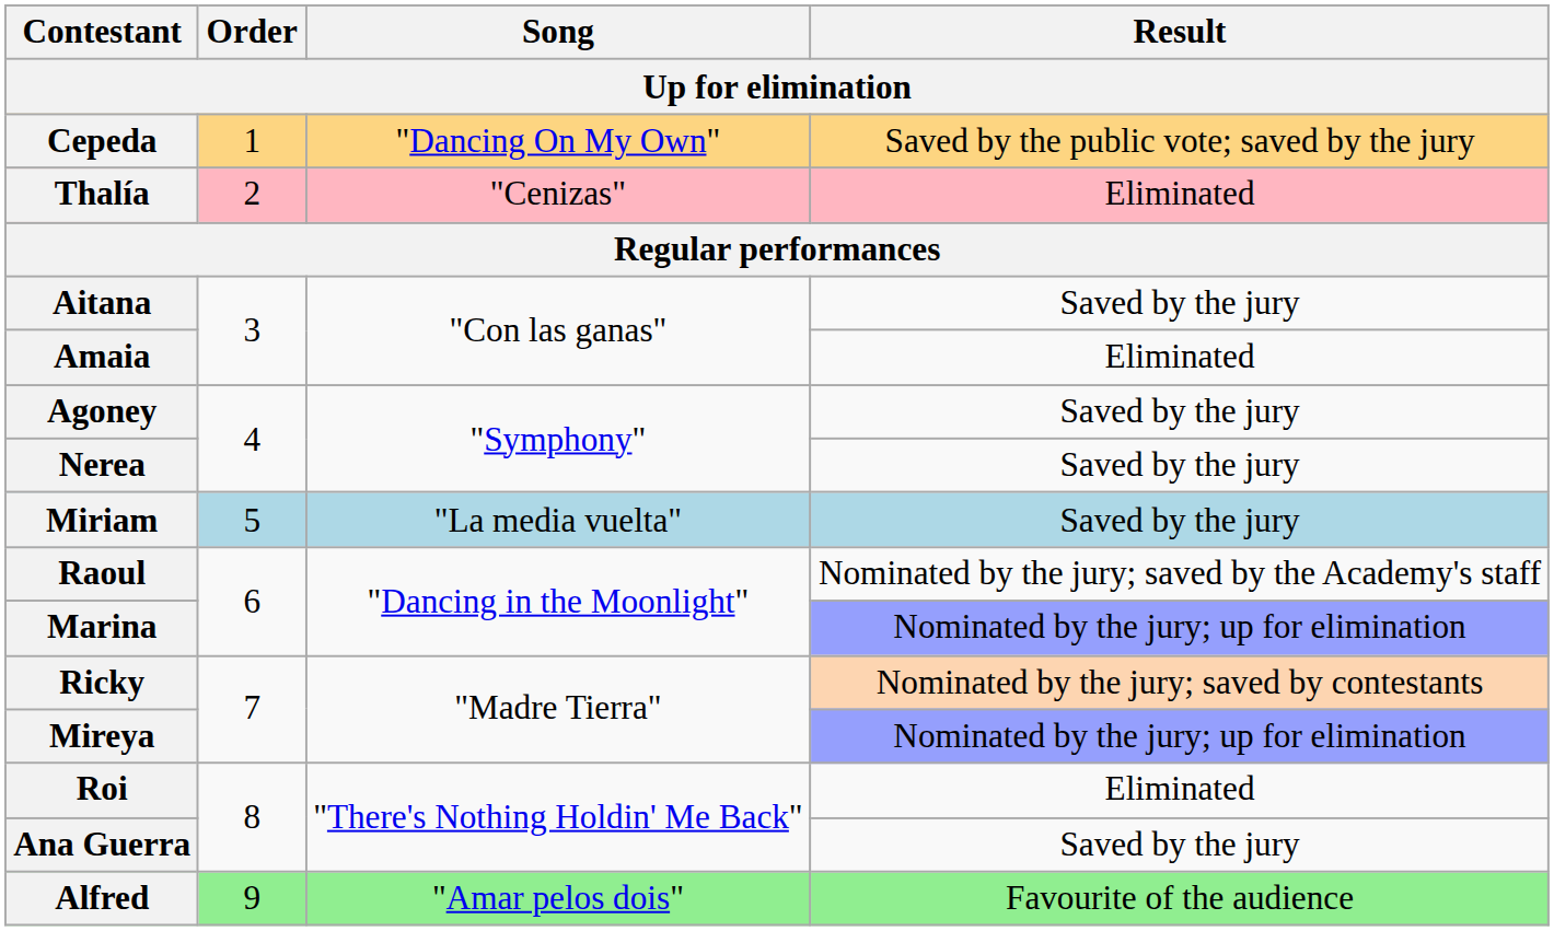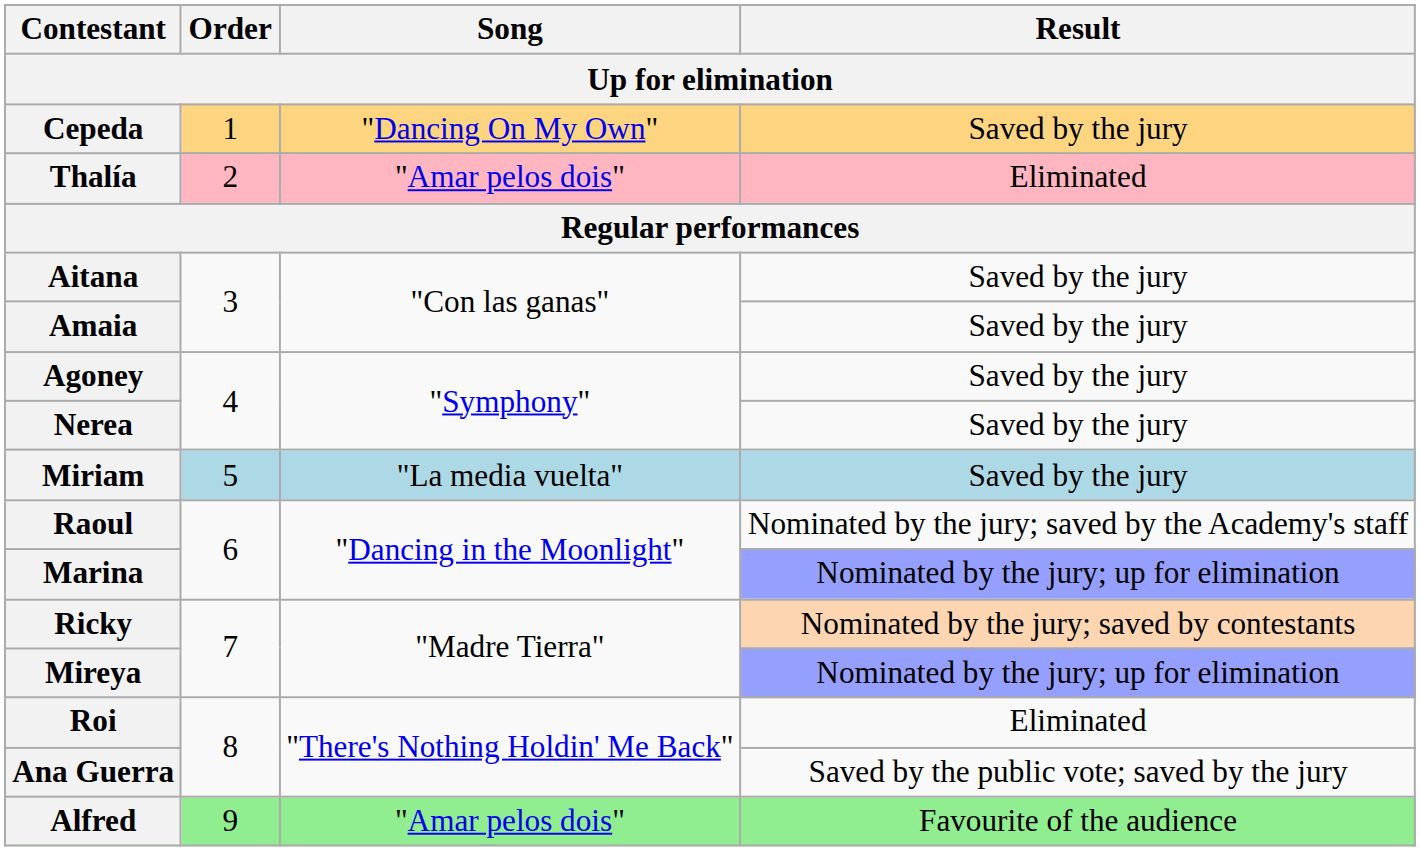 <table class="wikitable plainrowheaders" style="text-align:center;">
 <tr>
 <th scope="col">Contestant</th>
 <th scope="col">Order</th>
 <th scope="col">Song</th>
 <th scope="col">Result</th>
 </tr>
 <tr>
 <th colspan="4">Up for elimination</th>
 </tr>
 <tr style="background:#fdd581;">
 <th scope="row">Cepeda</th>
 <td>1</td>
 <td>"<a href='#'>Dancing On My Own</a>"</td>
-<td>Saved by the public vote; saved by the jury</td>
+<td>Saved by the jury</td>
 </tr>
 <tr style="background:lightpink">
 <th scope="row">Thalía</th>
 <td>2</td>
-<td>"Cenizas"</td>
+<td>"<a href='#'>Amar pelos dois</a>"</td>
 <td>Eliminated</td>
 </tr>
 <tr>
 <th colspan="4">Regular performances</th>
 </tr>
 <tr>
 <th scope="row">Aitana</th>
 <td rowspan="2">3</td>
 <td rowspan="2">"Con las ganas"</td>
 <td>Saved by the jury</td>
 </tr>
 <tr>
 <th scope="row">Amaia</th>
-<td>Eliminated</td>
+<td>Saved by the jury</td>
 </tr>
 <tr>
 <th scope="row">Agoney</th>
 <td rowspan="2">4</td>
 <td rowspan="2">"<a href='#'>Symphony</a>"</td>
 <td>Saved by the jury</td>
 </tr>
 <tr>
 <th scope="row">Nerea</th>
 <td>Saved by the jury</td>
 </tr>
 <tr style="background:lightblue;">
 <th scope="row">Miriam</th>
 <td>5</td>
 <td>"La media vuelta"</td>
 <td>Saved by the jury</td>
 </tr>
 <tr>
 <th scope="row">Raoul</th>
 <td rowspan="2">6</td>
 <td rowspan="2">"<a href='#'>Dancing in the Moonlight</a>"</td>
 <td>Nominated by the jury; saved by the Academy's staff</td>
 </tr>
 <tr>
 <th scope="row">Marina</th>
 <td style="background:#959ffd;">Nominated by the jury; up for elimination</td>
 </tr>
 <tr>
 <th scope="row">Ricky</th>
 <td rowspan="2">7</td>
 <td rowspan="2">"Madre Tierra"</td>
 <td style="background:#fdd5b1;">Nominated by the jury; saved by contestants</td>
 </tr>
 <tr>
 <th scope="row">Mireya</th>
 <td style="background:#959ffd;">Nominated by the jury; up for elimination</td>
 </tr>
 <tr>
 <th scope="row">Roi</th>
 <td rowspan="2">8</td>
 <td rowspan="2">"<a href='#'>There's Nothing Holdin' Me Back</a>"</td>
 <td>Eliminated</td>
 </tr>
 <tr>
 <th scope="row">Ana Guerra</th>
-<td>Saved by the jury</td>
+<td>Saved by the public vote; saved by the jury</td>
 </tr>
 <tr style="background:lightgreen">
 <th scope="row">Alfred</th>
 <td>9</td>
 <td>"<a href='#'>Amar pelos dois</a>"</td>
 <td>Favourite of the audience</td>
 </tr>
 </table>
